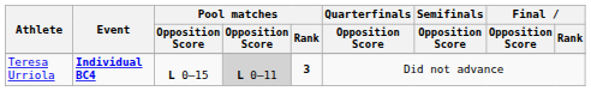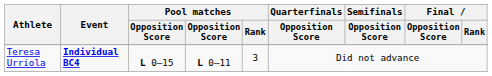 <table class=wikitable style="font-size:90%">
 <tr>
 <th rowspan="2">Athlete</th>
 <th rowspan="2">Event</th>
 <th colspan="3">Pool matches</th>
 <th>Quarterfinals</th>
 <th>Semifinals</th>
 <th colspan=2>Final / </th>
 </tr>
 <tr style="font-size:95%">
 <th>Opposition<br>Score</th>
 <th>Opposition<br>Score</th>
 <th>Rank</th>
 <th>Opposition<br>Score</th>
 <th>Opposition<br>Score</th>
 <th>Opposition<br>Score</th>
 <th>Rank</th>
 </tr>
 <tr align=center>
 </tr>
 <tr align=center>
 <td align=left><a href='#'>Teresa Urriola</a></td>
 <td align=left><strong><a href='#'>Individual BC4</a></strong></td>
 <td><br><strong>L</strong> 0–15</td>
-<td style="background: lightgrey;"><br><strong>L</strong> 0–11</td>
-<td><strong>3</strong></td>
+<td><br><strong>L</strong> 0–11</td>
+<td>3</td>
 <td colspan=4>Did not advance</td>
 </tr>
 </table>
